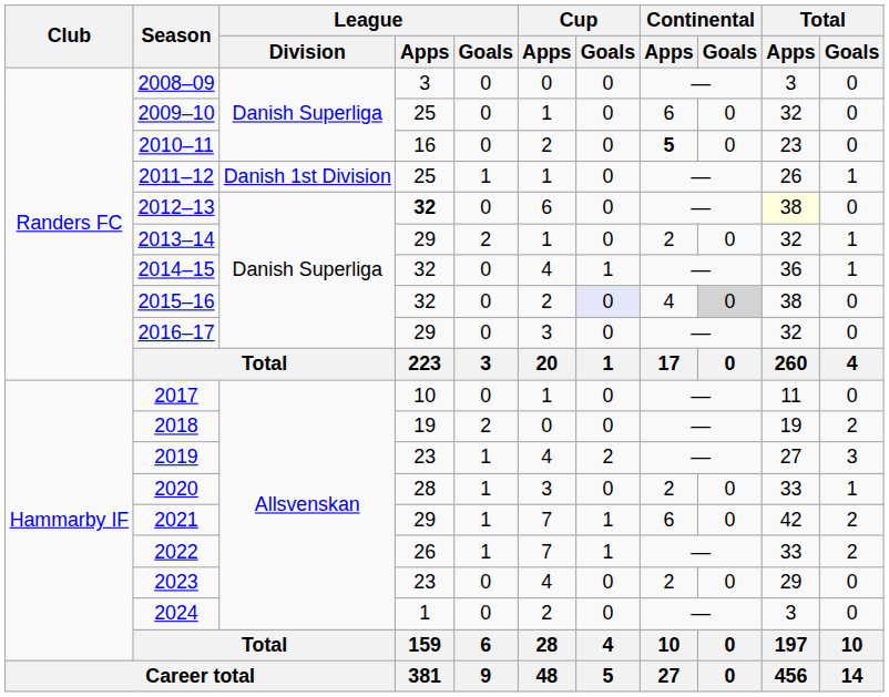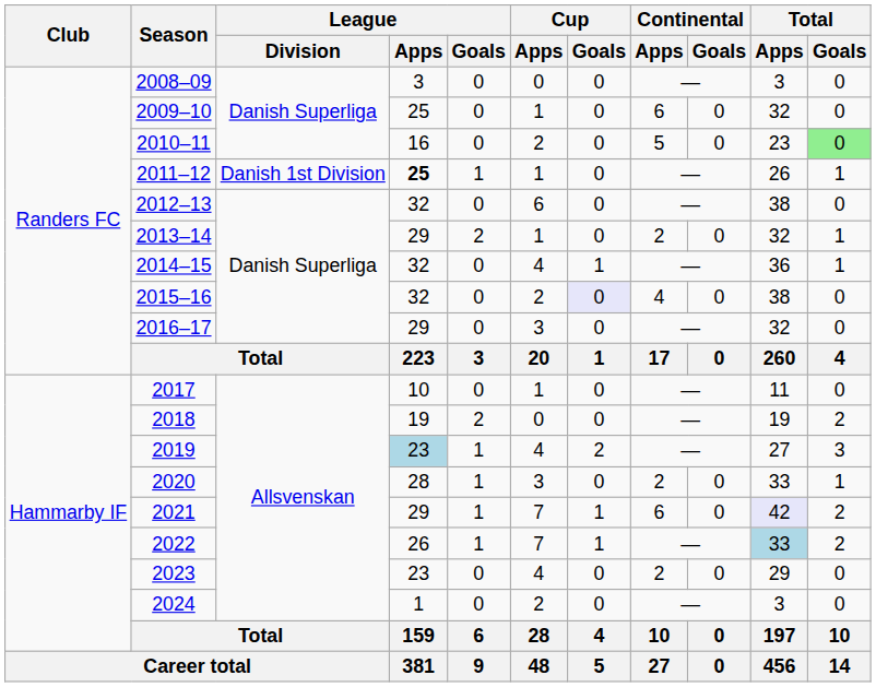 <table class="wikitable" style="text-align:center">
 <tr>
 <th rowspan="2">Club</th>
 <th rowspan="2">Season</th>
 <th colspan="3">League</th>
 <th colspan="2">Cup</th>
 <th colspan="2">Continental</th>
 <th colspan="2">Total</th>
 </tr>
 <tr>
 <th>Division</th>
 <th>Apps</th>
 <th>Goals</th>
 <th>Apps</th>
 <th>Goals</th>
 <th>Apps</th>
 <th>Goals</th>
 <th>Apps</th>
 <th>Goals</th>
 </tr>
 <tr>
 <td rowspan="10"><a href='#'>Randers FC</a></td>
 <td><a href='#'>2008–09</a></td>
 <td rowspan="3"><a href='#'>Danish Superliga</a></td>
 <td>3</td>
 <td>0</td>
 <td>0</td>
 <td>0</td>
 <td colspan="2">—</td>
 <td>3</td>
 <td>0</td>
 </tr>
 <tr>
 <td><a href='#'>2009–10</a></td>
 <td>25</td>
 <td>0</td>
 <td>1</td>
 <td>0</td>
 <td>6</td>
 <td>0</td>
 <td>32</td>
 <td>0</td>
 </tr>
 <tr>
 <td><a href='#'>2010–11</a></td>
 <td>16</td>
 <td>0</td>
 <td>2</td>
 <td>0</td>
-<td><strong>5</strong></td>
+<td>5</td>
 <td>0</td>
 <td>23</td>
-<td>0</td>
+<td style="background: lightgreen;">0</td>
 </tr>
 <tr>
 <td><a href='#'>2011–12</a></td>
 <td><a href='#'>Danish 1st Division</a></td>
-<td>25</td>
+<td><strong>25</strong></td>
 <td>1</td>
 <td>1</td>
 <td>0</td>
 <td colspan="2">—</td>
 <td>26</td>
 <td>1</td>
 </tr>
 <tr>
 <td><a href='#'>2012–13</a></td>
 <td rowspan="5">Danish Superliga</td>
-<td><strong>32</strong></td>
+<td>32</td>
 <td>0</td>
 <td>6</td>
 <td>0</td>
 <td colspan="2">—</td>
-<td style="background: lightyellow;">38</td>
+<td>38</td>
 <td>0</td>
 </tr>
 <tr>
 <td><a href='#'>2013–14</a></td>
 <td>29</td>
 <td>2</td>
 <td>1</td>
 <td>0</td>
 <td>2</td>
 <td>0</td>
 <td>32</td>
 <td>1</td>
 </tr>
 <tr>
 <td><a href='#'>2014–15</a></td>
 <td>32</td>
 <td>0</td>
 <td>4</td>
 <td>1</td>
 <td colspan="2">—</td>
 <td>36</td>
 <td>1</td>
 </tr>
 <tr>
 <td><a href='#'>2015–16</a></td>
 <td>32</td>
 <td>0</td>
 <td>2</td>
 <td style="background: lavender;">0</td>
 <td>4</td>
-<td style="background: lightgrey;">0</td>
+<td>0</td>
 <td>38</td>
 <td>0</td>
 </tr>
 <tr>
 <td><a href='#'>2016–17</a></td>
 <td>29</td>
 <td>0</td>
 <td>3</td>
 <td>0</td>
 <td colspan="2">—</td>
 <td>32</td>
 <td>0</td>
 </tr>
 <tr>
 <th colspan="2">Total</th>
 <th>223</th>
 <th>3</th>
 <th>20</th>
 <th>1</th>
 <th>17</th>
 <th>0</th>
 <th>260</th>
 <th>4</th>
 </tr>
 <tr>
 <td rowspan="9"><a href='#'>Hammarby IF</a></td>
 <td><a href='#'>2017</a></td>
 <td rowspan="8"><a href='#'>Allsvenskan</a></td>
 <td>10</td>
 <td>0</td>
 <td>1</td>
 <td>0</td>
 <td colspan="2">—</td>
 <td>11</td>
 <td>0</td>
 </tr>
 <tr>
 <td><a href='#'>2018</a></td>
 <td>19</td>
 <td>2</td>
 <td>0</td>
 <td>0</td>
 <td colspan="2">—</td>
 <td>19</td>
 <td>2</td>
 </tr>
 <tr>
 <td><a href='#'>2019</a></td>
-<td>23</td>
+<td style="background: lightblue;">23</td>
 <td>1</td>
 <td>4</td>
 <td>2</td>
 <td colspan="2">—</td>
 <td>27</td>
 <td>3</td>
 </tr>
 <tr>
 <td><a href='#'>2020</a></td>
 <td>28</td>
 <td>1</td>
 <td>3</td>
 <td>0</td>
 <td>2</td>
 <td>0</td>
 <td>33</td>
 <td>1</td>
 </tr>
 <tr>
 <td><a href='#'>2021</a></td>
 <td>29</td>
 <td>1</td>
 <td>7</td>
 <td>1</td>
 <td>6</td>
 <td>0</td>
-<td>42</td>
+<td style="background: lavender;">42</td>
 <td>2</td>
 </tr>
 <tr>
 <td><a href='#'>2022</a></td>
 <td>26</td>
 <td>1</td>
 <td>7</td>
 <td>1</td>
 <td colspan="2">—</td>
-<td>33</td>
+<td style="background: lightblue;">33</td>
 <td>2</td>
 </tr>
 <tr>
 <td><a href='#'>2023</a></td>
 <td>23</td>
 <td>0</td>
 <td>4</td>
 <td>0</td>
 <td>2</td>
 <td>0</td>
 <td>29</td>
 <td>0</td>
 </tr>
 <tr>
 <td><a href='#'>2024</a></td>
 <td>1</td>
 <td>0</td>
 <td>2</td>
 <td>0</td>
 <td colspan="2">—</td>
 <td>3</td>
 <td>0</td>
 </tr>
 <tr>
 <th colspan="2">Total</th>
 <th>159</th>
 <th>6</th>
 <th>28</th>
 <th>4</th>
 <th>10</th>
 <th>0</th>
 <th>197</th>
 <th>10</th>
 </tr>
 <tr>
 <th colspan="3">Career total</th>
 <th>381</th>
 <th>9</th>
 <th>48</th>
 <th>5</th>
 <th>27</th>
 <th>0</th>
 <th>456</th>
 <th>14</th>
 </tr>
 </table>
